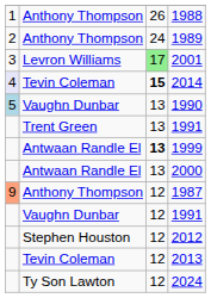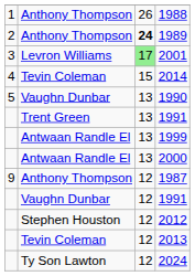 <table class="wikitable">
 <tr>
 </tr>
 <tr>
 <td>1</td>
 <td><a href='#'>Anthony Thompson</a></td>
 <td>26</td>
 <td><a href='#'>1988</a></td>
 </tr>
 <tr>
 <td>2</td>
 <td><a href='#'>Anthony Thompson</a></td>
-<td>24</td>
+<td><strong>24</strong></td>
 <td><a href='#'>1989</a></td>
 </tr>
 <tr>
 <td>3</td>
 <td><a href='#'>Levron Williams</a></td>
 <td style="background: lightgreen;">17</td>
 <td><a href='#'>2001</a></td>
 </tr>
 <tr>
-<td style="background: lavender;">4</td>
+<td>4</td>
 <td><a href='#'>Tevin Coleman</a></td>
-<td><strong>15</strong></td>
+<td>15</td>
 <td><a href='#'>2014</a></td>
 </tr>
 <tr>
-<td style="background: lightblue;">5</td>
+<td>5</td>
 <td><a href='#'>Vaughn Dunbar</a></td>
 <td>13</td>
 <td><a href='#'>1990</a></td>
 </tr>
 <tr>
 <td></td>
 <td><a href='#'>Trent Green</a></td>
 <td>13</td>
 <td><a href='#'>1991</a></td>
 </tr>
 <tr>
 <td></td>
 <td><a href='#'>Antwaan Randle El</a></td>
-<td><strong>13</strong></td>
+<td>13</td>
 <td><a href='#'>1999</a></td>
 </tr>
 <tr>
 <td></td>
 <td><a href='#'>Antwaan Randle El</a></td>
 <td>13</td>
 <td><a href='#'>2000</a></td>
 </tr>
 <tr>
-<td style="background: lightsalmon;">9</td>
+<td>9</td>
 <td><a href='#'>Anthony Thompson</a></td>
 <td>12</td>
 <td><a href='#'>1987</a></td>
 </tr>
 <tr>
 <td></td>
 <td><a href='#'>Vaughn Dunbar</a></td>
 <td>12</td>
 <td><a href='#'>1991</a></td>
 </tr>
 <tr>
 <td></td>
 <td>Stephen Houston</td>
 <td>12</td>
 <td><a href='#'>2012</a></td>
 </tr>
 <tr>
 <td></td>
 <td><a href='#'>Tevin Coleman</a></td>
 <td>12</td>
 <td><a href='#'>2013</a></td>
 </tr>
 <tr>
 <td></td>
 <td>Ty Son Lawton</td>
 <td>12</td>
 <td><a href='#'>2024</a></td>
 </tr>
 </table>
